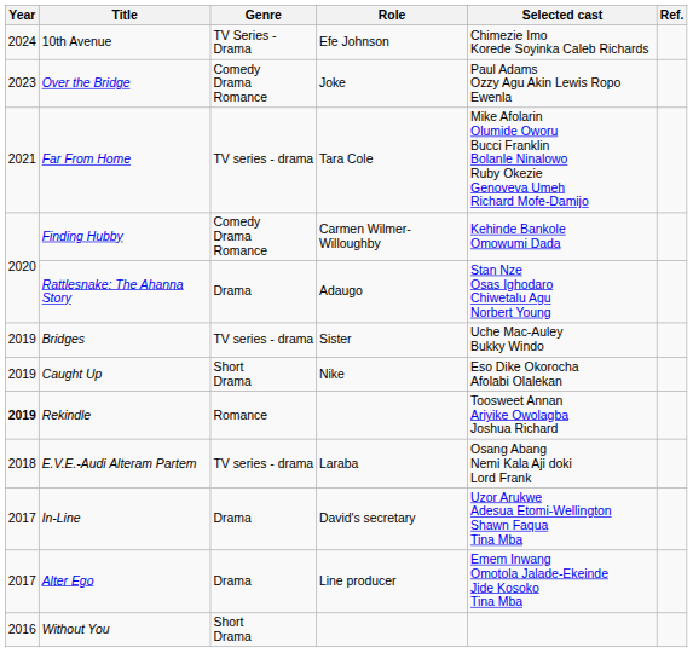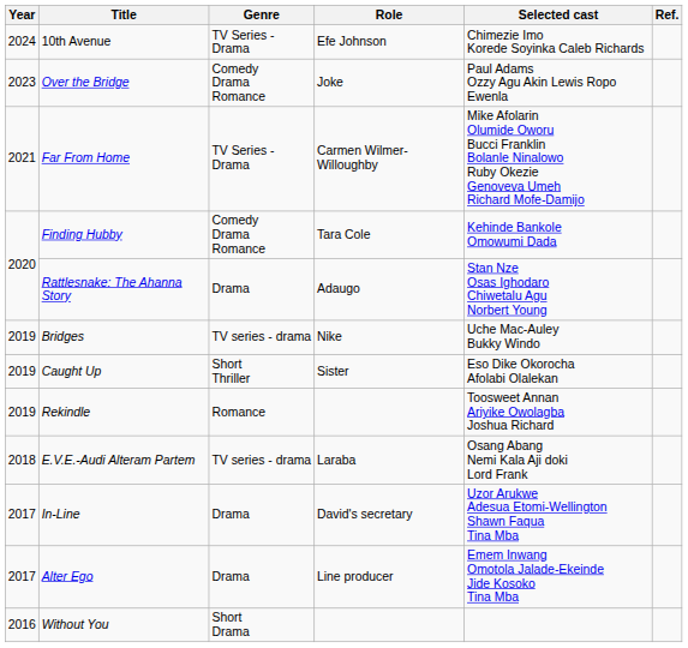 <table class="wikitable">
 <tr>
 <th>Year</th>
 <th>Title</th>
 <th>Genre</th>
 <th>Role</th>
 <th>Selected cast</th>
 <th>Ref.</th>
 </tr>
 <tr>
 <td>2024</td>
 <td>10th Avenue</td>
 <td>TV Series - Drama</td>
 <td>Efe Johnson</td>
 <td>Chimezie Imo<br>Korede Soyinka Caleb Richards</td>
 <td></td>
 </tr>
 <tr>
 <td>2023</td>
 <td><em><a href='#'>Over the Bridge</a></em></td>
 <td>Comedy<br>Drama<br>Romance</td>
 <td>Joke</td>
 <td>Paul Adams<br>Ozzy Agu Akin Lewis Ropo Ewenla</td>
 <td></td>
 </tr>
 <tr>
 <td>2021</td>
 <td><a href='#'><em>Far From Home</em></a></td>
-<td>TV series - drama</td>
-<td>Tara Cole</td>
+<td>TV Series - Drama</td>
+<td>Carmen Wilmer-Willoughby</td>
 <td>Mike Afolarin<br><a href='#'>Olumide Oworu</a><br>Bucci Franklin<br><a href='#'>Bolanle Ninalowo</a><br>Ruby Okezie<br><a href='#'>Genoveva Umeh</a><br><a href='#'>Richard Mofe-Damijo</a></td>
 <td></td>
 </tr>
 <tr>
 <td rowspan="2">2020</td>
 <td><em><a href='#'>Finding Hubby</a></em></td>
 <td>Comedy<br>Drama<br>Romance</td>
-<td>Carmen Wilmer-Willoughby</td>
+<td>Tara Cole</td>
 <td><a href='#'>Kehinde Bankole</a><br> <a href='#'>Omowumi Dada</a></td>
 <td></td>
 </tr>
 <tr>
 <td><em><a href='#'>Rattlesnake: The Ahanna Story</a></em></td>
 <td>Drama</td>
 <td>Adaugo</td>
 <td><a href='#'>Stan Nze</a><br><a href='#'>Osas Ighodaro</a><br><a href='#'>Chiwetalu Agu</a><br><a href='#'>Norbert Young</a><br></td>
 <td></td>
 </tr>
 <tr>
 <td>2019</td>
 <td><em>Bridges</em></td>
 <td>TV series - drama</td>
-<td>Sister</td>
+<td>Nike</td>
 <td>Uche Mac-Auley<br>Bukky Windo</td>
 <td></td>
 </tr>
 <tr>
 <td>2019</td>
 <td><em>Caught Up</em></td>
-<td>Short<br>Drama</td>
-<td>Nike</td>
+<td>Short<br>Thriller</td>
+<td>Sister</td>
 <td>Eso Dike Okorocha<br>Afolabi Olalekan</td>
 <td></td>
 </tr>
 <tr>
-<td><strong>2019</strong></td>
+<td>2019</td>
 <td><em>Rekindle</em></td>
 <td>Romance</td>
 <td></td>
 <td>Toosweet Annan<br><a href='#'>Ariyike Owolagba</a><br>Joshua Richard</td>
 <td></td>
 </tr>
 <tr>
 <td>2018</td>
 <td><em>E.V.E.-Audi Alteram Partem</em></td>
 <td>TV series - drama</td>
 <td>Laraba</td>
 <td>Osang Abang<br>Nemi Kala Aji doki<br>Lord Frank</td>
 <td></td>
 </tr>
 <tr>
 <td>2017</td>
 <td><em>In-Line</em></td>
 <td>Drama</td>
 <td>David's secretary</td>
 <td><a href='#'>Uzor Arukwe</a><br><a href='#'>Adesua Etomi-Wellington</a><br><a href='#'>Shawn Faqua</a><br><a href='#'>Tina Mba</a></td>
 <td></td>
 </tr>
 <tr>
 <td>2017</td>
 <td><em><a href='#'>Alter Ego</a></em></td>
 <td>Drama</td>
 <td>Line producer</td>
 <td><a href='#'>Emem Inwang</a><br><a href='#'>Omotola Jalade-Ekeinde</a><br><a href='#'>Jide Kosoko</a><br><a href='#'>Tina Mba</a></td>
 <td></td>
 </tr>
 <tr>
 <td>2016</td>
 <td><em>Without You</em></td>
 <td>Short<br>Drama</td>
 <td></td>
 <td></td>
 <td></td>
 </tr>
 </table>
